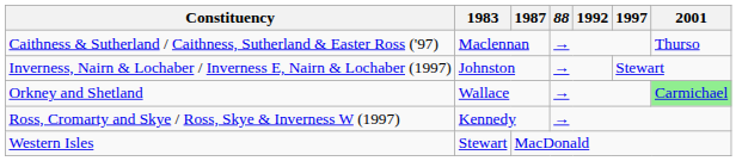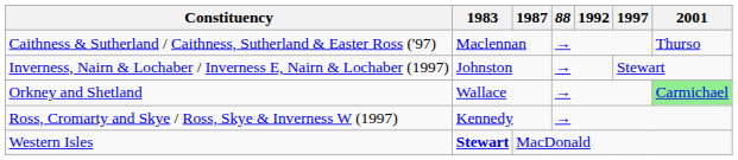 <table class="wikitable">
 <tr>
 <th>Constituency</th>
 <th>1983</th>
 <th>1987</th>
 <th><em>88</em></th>
 <th>1992</th>
 <th>1997</th>
 <th>2001</th>
 </tr>
 <tr>
 <td><a href='#'>Caithness & Sutherland</a> / <a href='#'>Caithness, Sutherland & Easter Ross</a> ('97)</td>
 <td colspan="2"><a href='#'>Maclennan</a></td>
 <td colspan="3"><a href='#'>→</a></td>
 <td><a href='#'>Thurso</a></td>
 </tr>
 <tr>
 <td><a href='#'>Inverness, Nairn & Lochaber</a> / <a href='#'>Inverness E, Nairn & Lochaber</a> (1997)</td>
 <td colspan="2"><a href='#'>Johnston</a></td>
 <td colspan="2"><a href='#'>→</a></td>
 <td colspan="2"><a href='#'>Stewart</a></td>
 </tr>
 <tr>
 <td><a href='#'>Orkney and Shetland</a></td>
 <td colspan="2"><a href='#'>Wallace</a></td>
 <td colspan="3"><a href='#'>→</a></td>
 <td style="background: lightgreen;"><a href='#'>Carmichael</a></td>
 </tr>
 <tr>
 <td><a href='#'>Ross, Cromarty and Skye</a> / <a href='#'>Ross, Skye & Inverness W</a> (1997)</td>
 <td colspan="2"><a href='#'>Kennedy</a></td>
 <td colspan="4"><a href='#'>→</a></td>
 </tr>
 <tr>
 <td><a href='#'>Western Isles</a></td>
-<td><a href='#'>Stewart</a></td>
+<td><strong><a href='#'>Stewart</a></strong></td>
 <td colspan="5"><a href='#'>MacDonald</a></td>
 </tr>
 </table>
